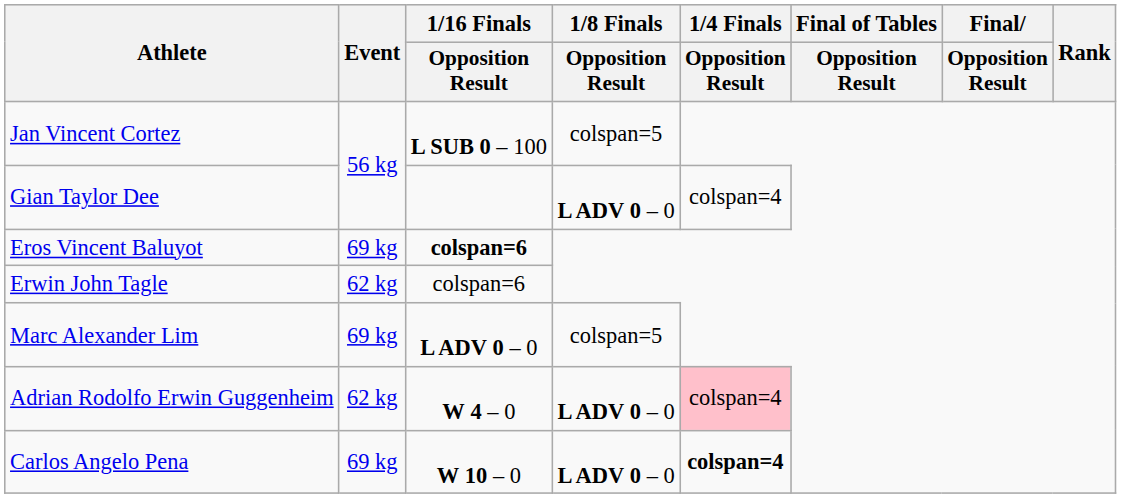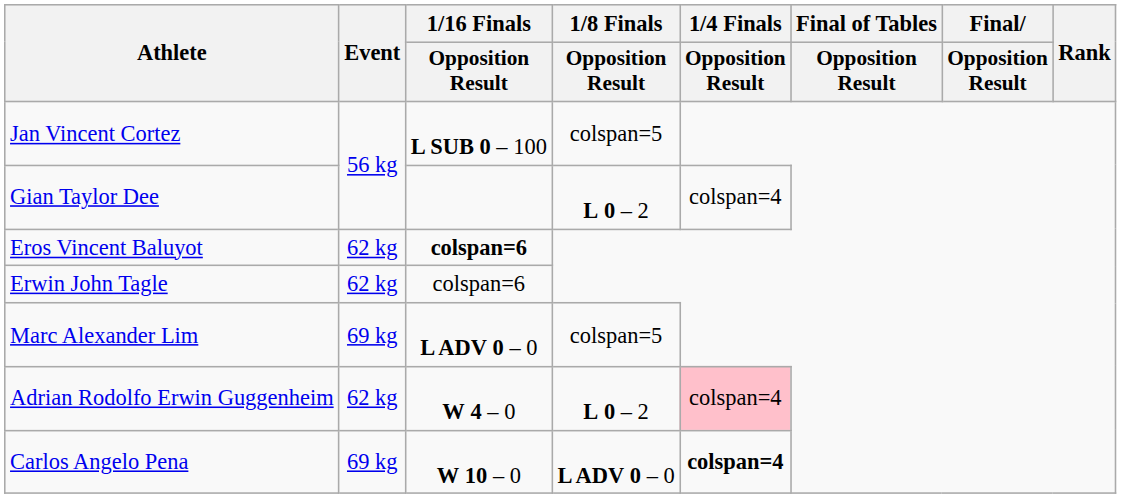 <table class=wikitable style="text-align:center; font-size:90%">
 <tr>
 <th rowspan="2">Athlete</th>
 <th rowspan="2">Event</th>
 <th>1/16 Finals</th>
 <th>1/8 Finals</th>
 <th>1/4 Finals</th>
 <th>Final of Tables</th>
 <th>Final/</th>
 <th rowspan=2>Rank</th>
 </tr>
 <tr style="font-size:95%">
 <th>Opposition<br>Result</th>
 <th>Opposition<br>Result</th>
 <th>Opposition<br>Result</th>
 <th>Opposition<br>Result</th>
 <th>Opposition<br>Result</th>
 </tr>
 <tr>
 <td align=left><a href='#'>Jan Vincent Cortez</a></td>
 <td rowspan=2><a href='#'>56 kg</a></td>
 <td style="text-align:center;"> <br> <strong>L SUB</strong> <strong>0</strong> – 100</td>
 <td>colspan=5 </td>
 </tr>
 <tr>
 <td align=left><a href='#'>Gian Taylor Dee</a></td>
 <td></td>
-<td style="text-align:center;"> <br> <strong>L ADV</strong> <strong>0</strong> – 0</td>
+<td style="text-align:center;"> <br><strong>L</strong> <strong>0</strong> – 2</td>
 <td>colspan=4 </td>
 </tr>
 <tr>
 <td align=left><a href='#'>Eros Vincent Baluyot</a></td>
-<td><a href='#'>69 kg</a></td>
+<td><a href='#'>62 kg</a></td>
 <td><strong>colspan=6 </strong></td>
 </tr>
 <tr>
 <td align=left><a href='#'>Erwin John Tagle</a></td>
 <td><a href='#'>62 kg</a></td>
 <td>colspan=6 </td>
 </tr>
 <tr>
 <td align=left><a href='#'>Marc Alexander Lim</a></td>
 <td><a href='#'>69 kg</a></td>
 <td style="text-align:center;"> <br> <strong>L ADV</strong> <strong>0</strong> – 0</td>
 <td>colspan=5 </td>
 </tr>
 <tr>
 <td align=left><a href='#'>Adrian Rodolfo Erwin Guggenheim</a></td>
 <td><a href='#'>62 kg</a></td>
 <td style="text-align:center;"> <br><strong>W</strong> <strong>4</strong> – 0</td>
-<td style="text-align:center;"> <br> <strong>L ADV</strong> <strong>0</strong> – 0</td>
+<td style="text-align:center;"> <br><strong>L</strong> <strong>0</strong> – 2</td>
 <td style="background: pink;">colspan=4 </td>
 </tr>
 <tr>
 <td align=left><a href='#'>Carlos Angelo Pena</a></td>
 <td><a href='#'>69 kg</a></td>
 <td style="text-align:center;"> <br> <strong>W</strong> <strong>10</strong> – 0</td>
 <td style="text-align:center;"> <br> <strong>L ADV</strong> <strong>0</strong> – 0</td>
 <td><strong>colspan=4 </strong></td>
 </tr>
 </table>
